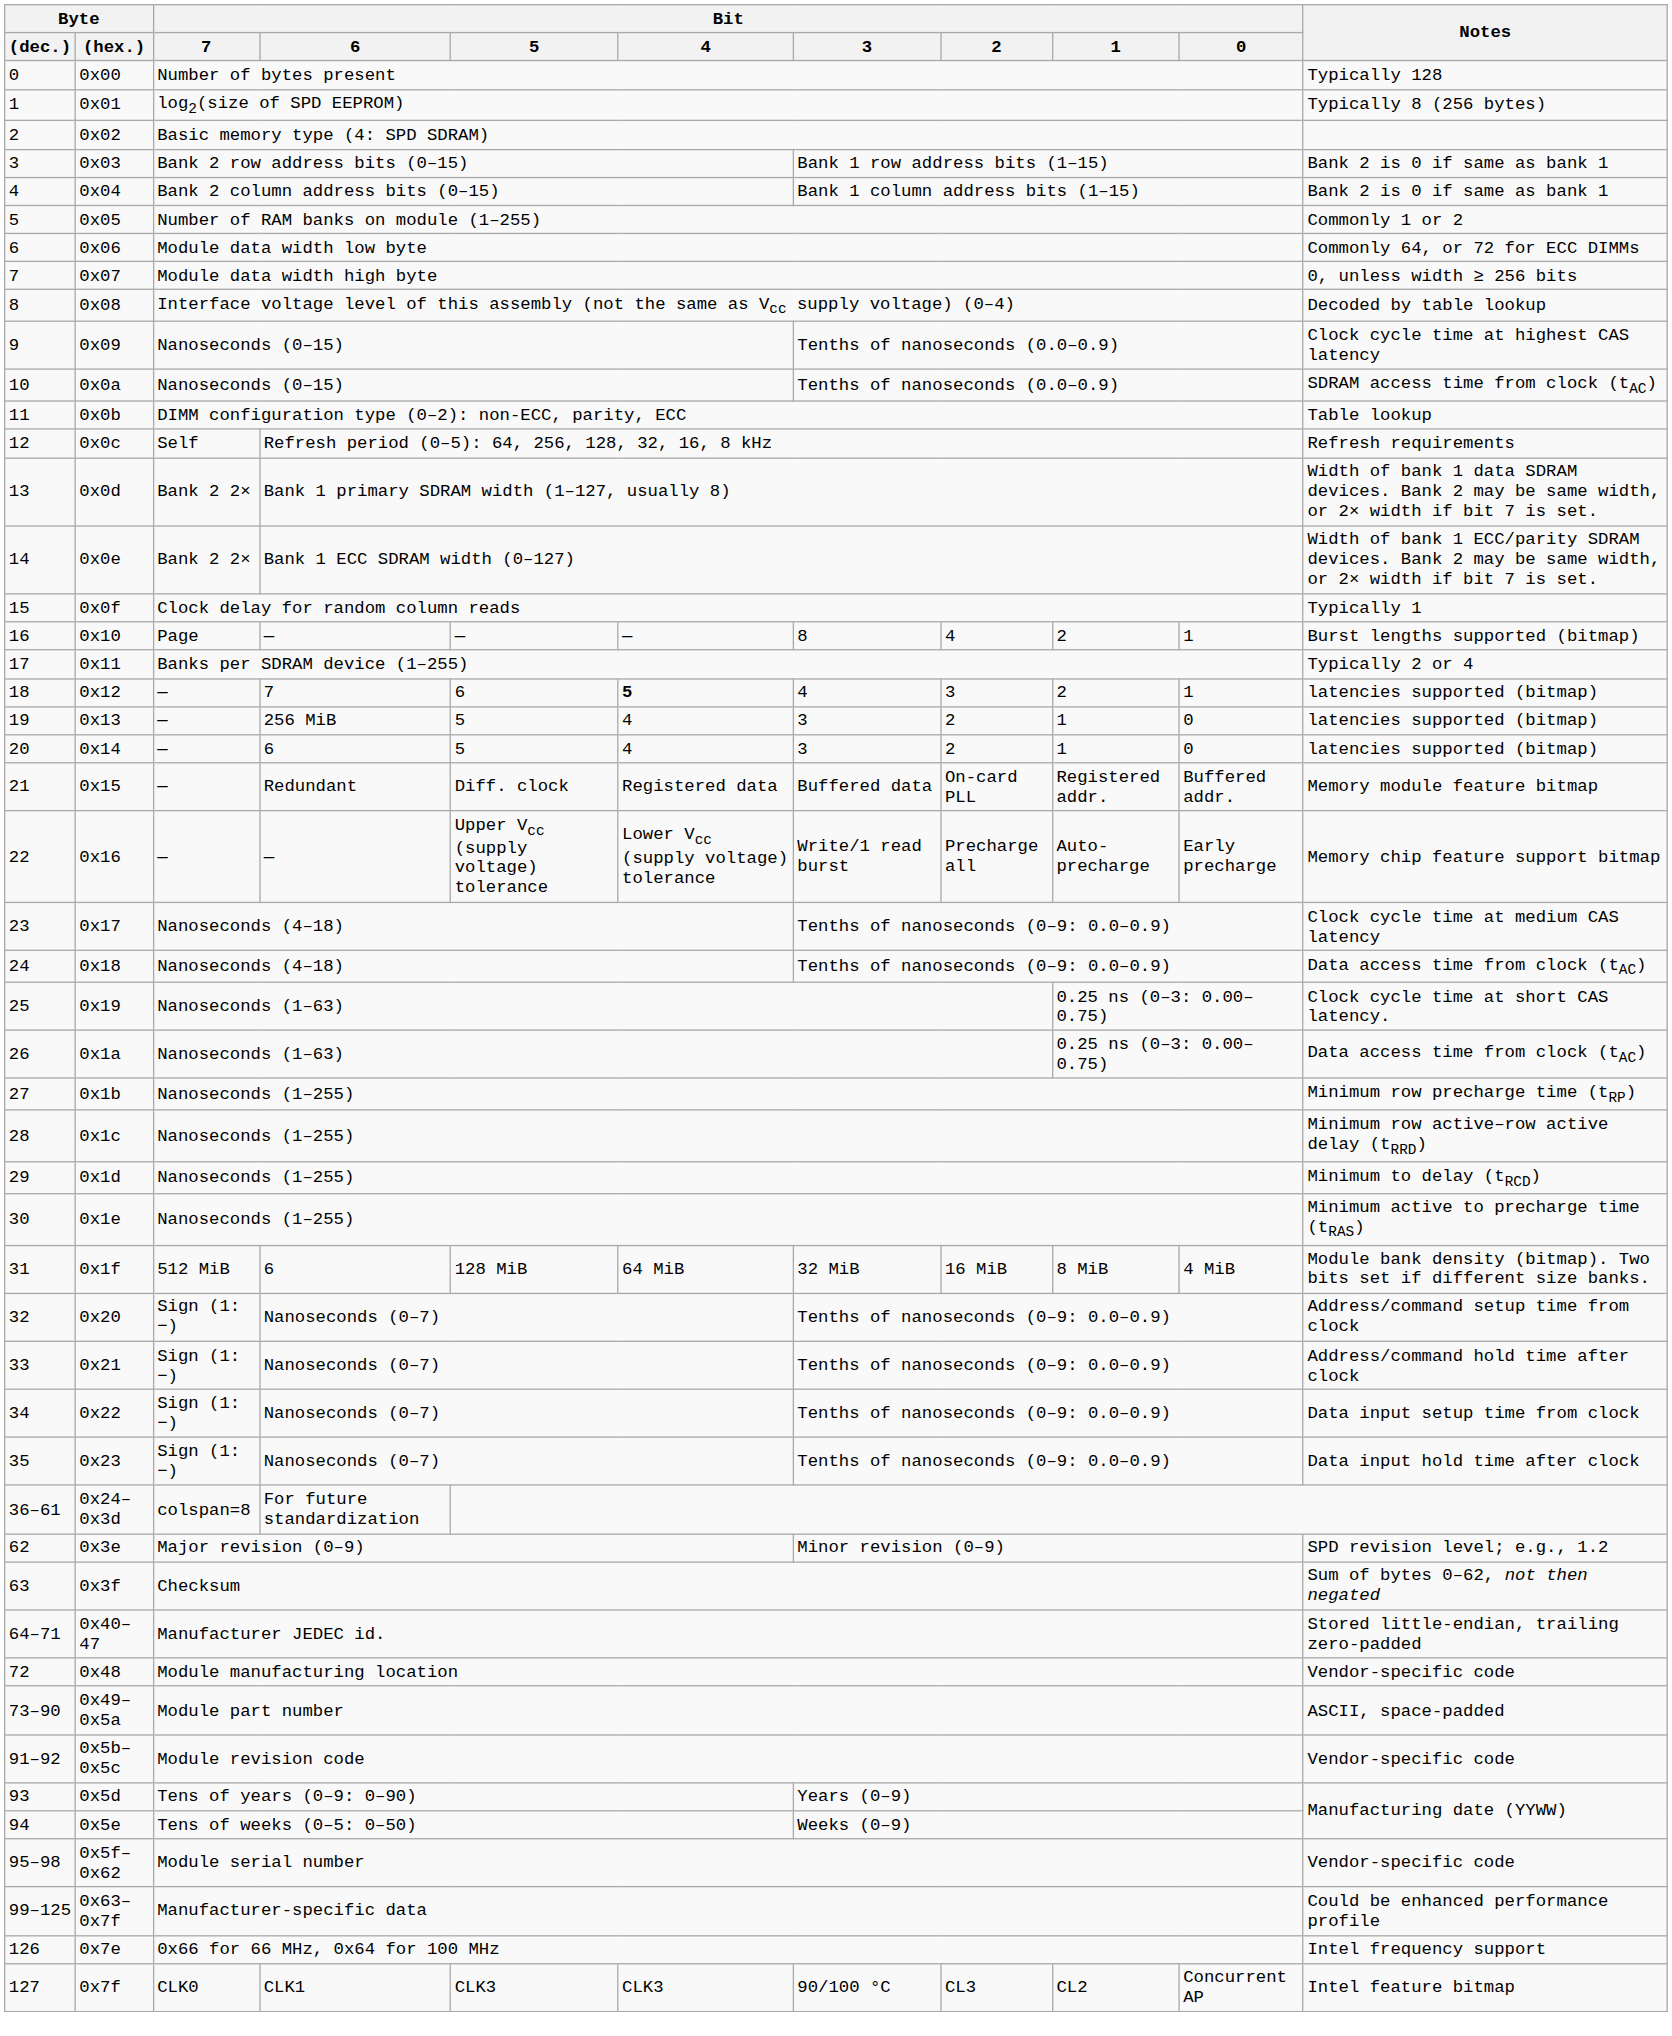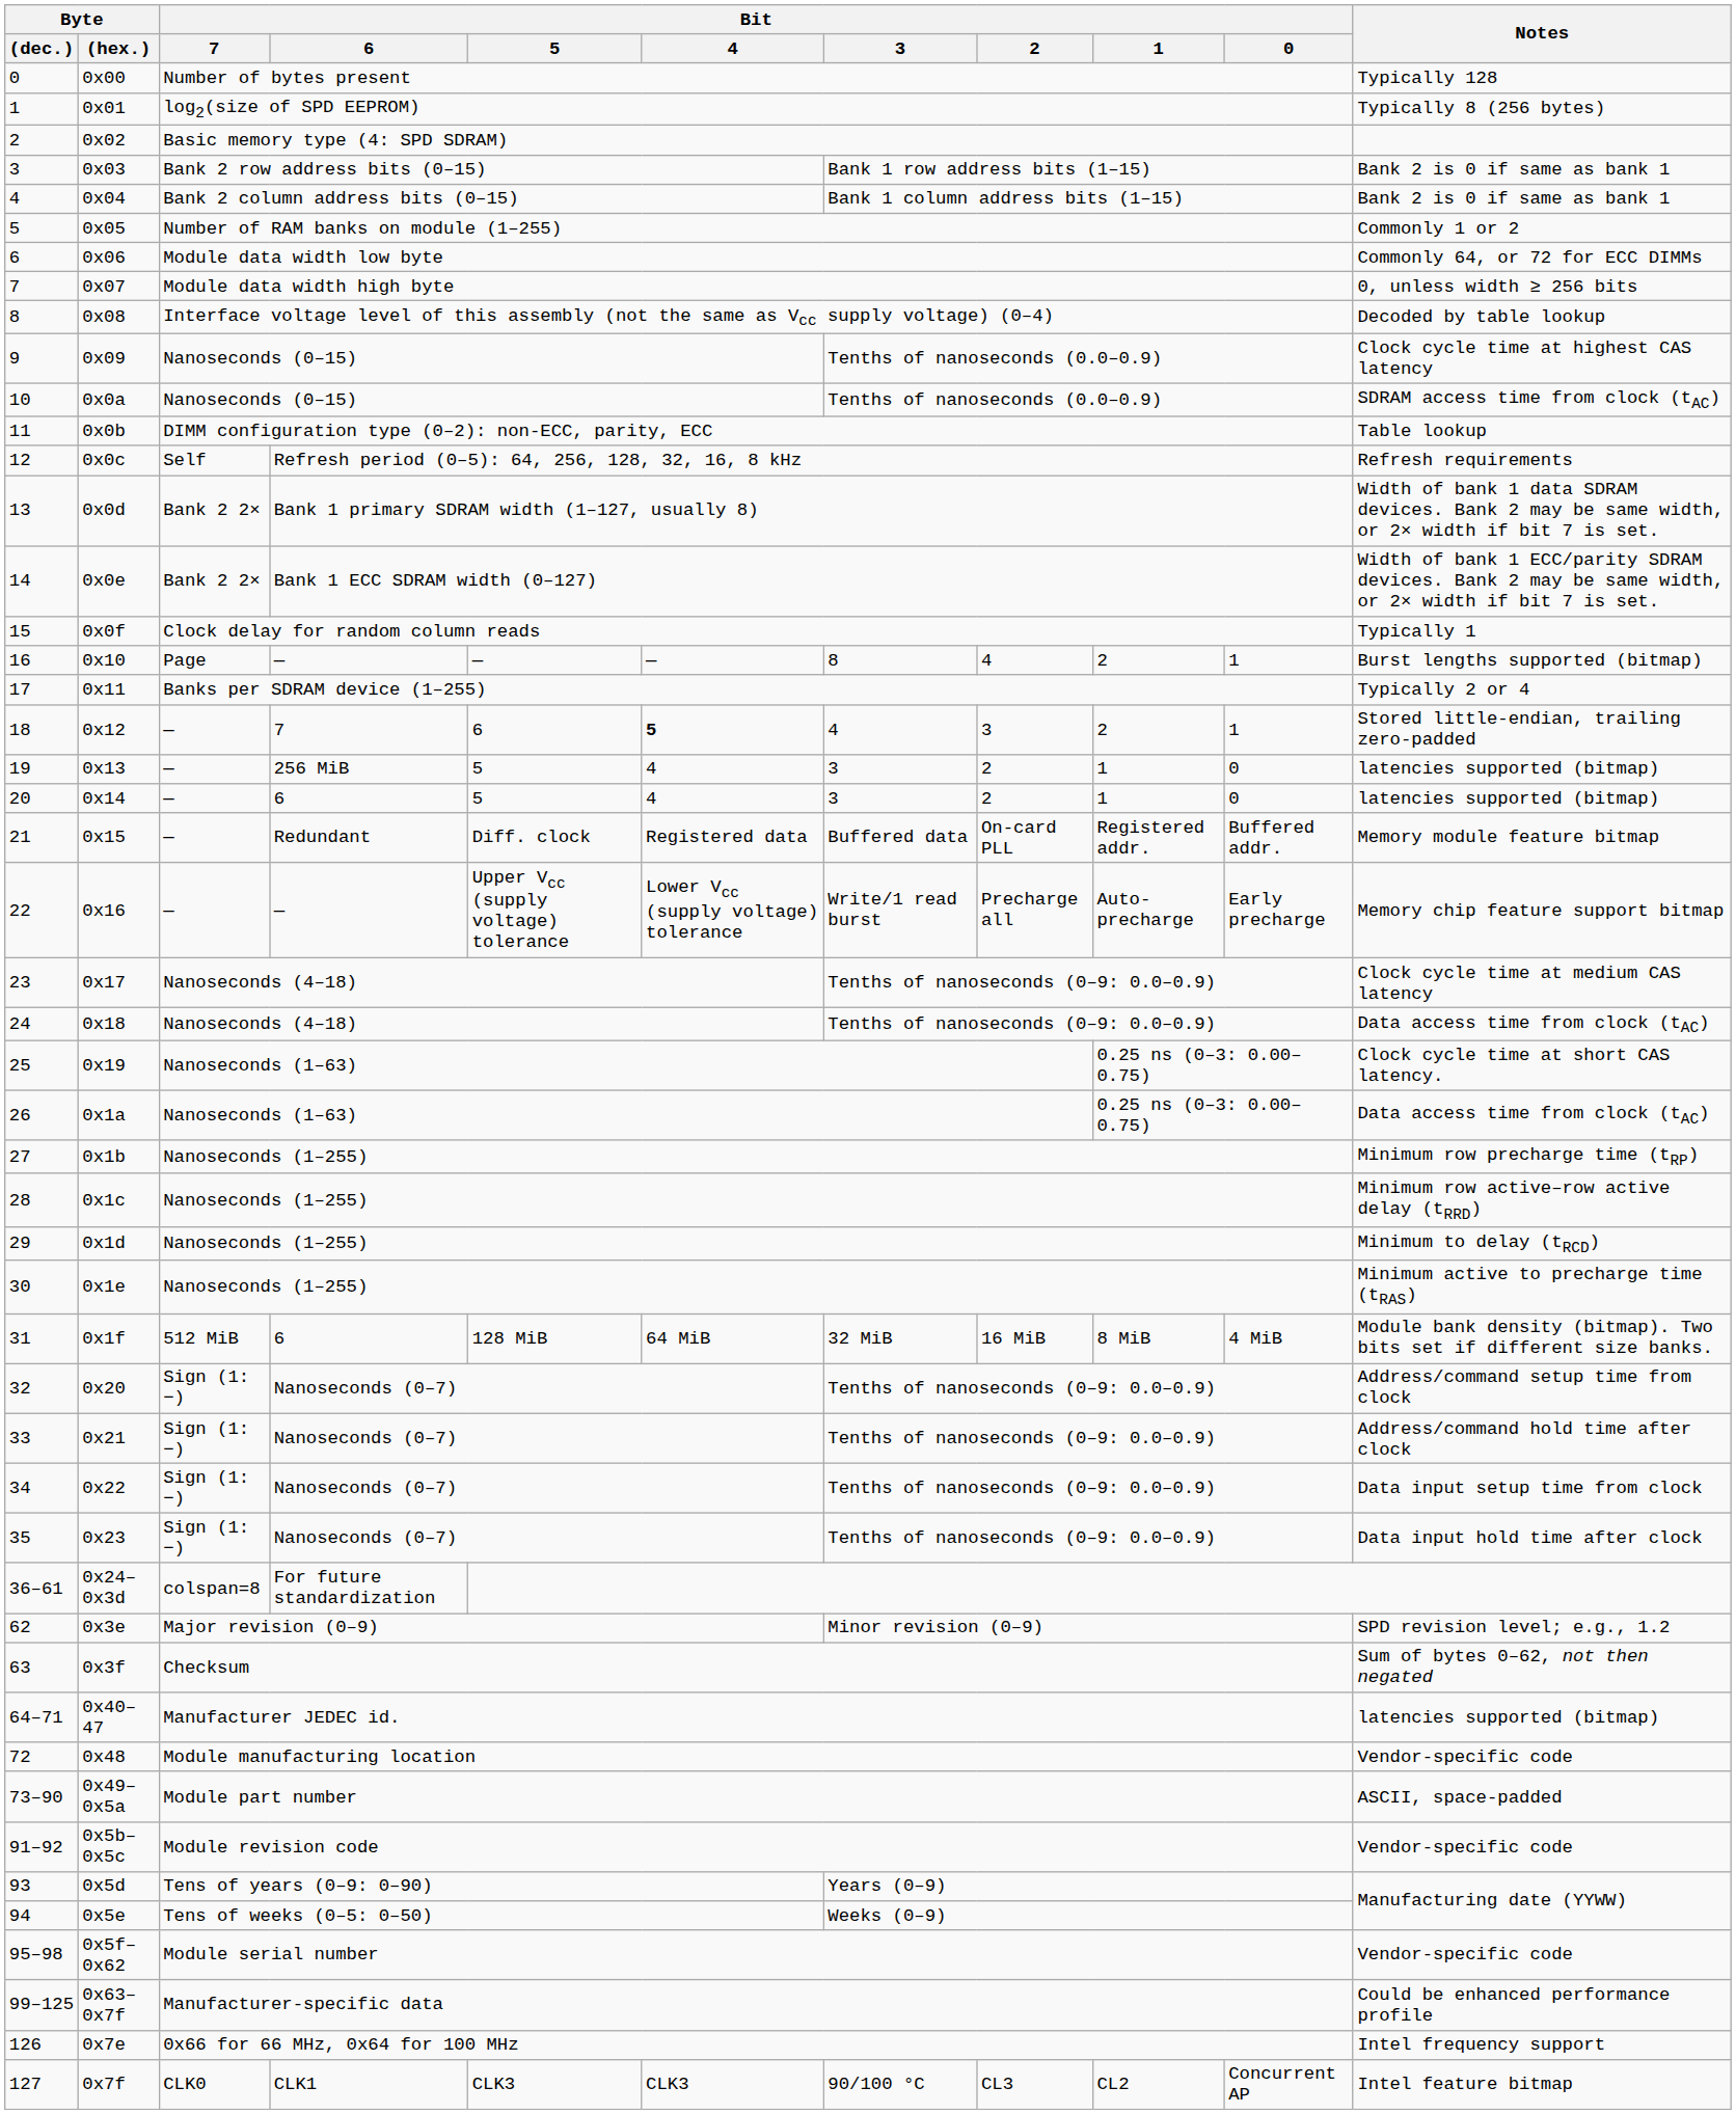 <table class=wikitable>
 <tr>
 <th colspan=2>Byte</th>
 <th colspan=8>Bit</th>
 <th rowspan=2>Notes</th>
 </tr>
 <tr>
 <th>(dec.)</th>
 <th>(hex.)</th>
 <th>7</th>
 <th>6</th>
 <th>5</th>
 <th>4</th>
 <th>3</th>
 <th>2</th>
 <th>1</th>
 <th>0</th>
 </tr>
 <tr>
 <td>0</td>
 <td>0x00</td>
 <td colspan=8>Number of bytes present</td>
 <td>Typically 128</td>
 </tr>
 <tr>
 <td>1</td>
 <td>0x01</td>
 <td colspan=8>log<sub>2</sub>(size of SPD EEPROM)</td>
 <td>Typically 8 (256 bytes)</td>
 </tr>
 <tr>
 <td>2</td>
 <td>0x02</td>
 <td colspan=8>Basic memory type (4: SPD SDRAM)</td>
 <td></td>
 </tr>
 <tr>
 <td>3</td>
 <td>0x03</td>
 <td colspan=4>Bank 2 row address bits (0–15)</td>
 <td colspan=4>Bank 1 row address bits (1–15)</td>
 <td>Bank 2 is 0 if same as bank 1</td>
 </tr>
 <tr>
 <td>4</td>
 <td>0x04</td>
 <td colspan=4>Bank 2 column address bits (0–15)</td>
 <td colspan=4>Bank 1 column address bits (1–15)</td>
 <td>Bank 2 is 0 if same as bank 1</td>
 </tr>
 <tr>
 <td>5</td>
 <td>0x05</td>
 <td colspan=8>Number of RAM banks on module (1–255)</td>
 <td>Commonly 1 or 2</td>
 </tr>
 <tr>
 <td>6</td>
 <td>0x06</td>
 <td colspan=8>Module data width low byte</td>
 <td>Commonly 64, or 72 for ECC DIMMs</td>
 </tr>
 <tr>
 <td>7</td>
 <td>0x07</td>
 <td colspan=8>Module data width high byte</td>
 <td>0, unless width ≥ 256 bits</td>
 </tr>
 <tr>
 <td>8</td>
 <td>0x08</td>
 <td colspan=8>Interface voltage level of this assembly (not the same as V<sub>cc</sub> supply voltage) (0–4)</td>
 <td>Decoded by table lookup</td>
 </tr>
 <tr>
 <td>9</td>
 <td>0x09</td>
 <td colspan=4>Nanoseconds (0–15)</td>
 <td colspan=4>Tenths of nanoseconds (0.0–0.9)</td>
 <td>Clock cycle time at highest CAS latency</td>
 </tr>
 <tr>
 <td>10</td>
 <td>0x0a</td>
 <td colspan=4>Nanoseconds (0–15)</td>
 <td colspan=4>Tenths of nanoseconds (0.0–0.9)</td>
 <td>SDRAM access time from clock (t<sub>AC</sub>)</td>
 </tr>
 <tr>
 <td>11</td>
 <td>0x0b</td>
 <td colspan=8>DIMM configuration type (0–2): non-ECC, parity, ECC</td>
 <td>Table lookup</td>
 </tr>
 <tr>
 <td>12</td>
 <td>0x0c</td>
 <td>Self</td>
 <td colspan=7>Refresh period (0–5): 64, 256, 128, 32, 16, 8 kHz</td>
 <td>Refresh requirements</td>
 </tr>
 <tr>
 <td>13</td>
 <td>0x0d</td>
 <td>Bank 2 2×</td>
 <td colspan=7>Bank 1 primary SDRAM width (1–127, usually 8)</td>
 <td>Width of bank 1 data SDRAM devices.  Bank 2 may be same width, or 2× width if bit 7 is set.</td>
 </tr>
 <tr>
 <td>14</td>
 <td>0x0e</td>
 <td>Bank 2 2×</td>
 <td colspan=7>Bank 1 ECC SDRAM width (0–127)</td>
 <td>Width of bank 1 ECC/parity SDRAM devices.  Bank 2 may be same width, or 2× width if bit 7 is set.</td>
 </tr>
 <tr>
 <td>15</td>
 <td>0x0f</td>
 <td colspan=8>Clock delay for random column reads</td>
 <td>Typically 1</td>
 </tr>
 <tr>
 <td>16</td>
 <td>0x10</td>
 <td>Page</td>
 <td>—</td>
 <td>—</td>
 <td>—</td>
 <td>8</td>
 <td>4</td>
 <td>2</td>
 <td>1</td>
 <td>Burst lengths supported (bitmap)</td>
 </tr>
 <tr>
 <td>17</td>
 <td>0x11</td>
 <td colspan=8>Banks per SDRAM device (1–255)</td>
 <td>Typically 2 or 4</td>
 </tr>
 <tr>
 <td>18</td>
 <td>0x12</td>
 <td>—</td>
 <td>7</td>
 <td>6</td>
 <td><strong>5</strong></td>
 <td>4</td>
 <td>3</td>
 <td>2</td>
 <td>1</td>
-<td> latencies supported (bitmap)</td>
+<td>Stored little-endian, trailing zero-padded</td>
 </tr>
 <tr>
 <td>19</td>
 <td>0x13</td>
 <td>—</td>
 <td>256 MiB</td>
 <td>5</td>
 <td>4</td>
 <td>3</td>
 <td>2</td>
 <td>1</td>
 <td>0</td>
 <td> latencies supported (bitmap)</td>
 </tr>
 <tr>
 <td>20</td>
 <td>0x14</td>
 <td>—</td>
 <td>6</td>
 <td>5</td>
 <td>4</td>
 <td>3</td>
 <td>2</td>
 <td>1</td>
 <td>0</td>
 <td> latencies supported (bitmap)</td>
 </tr>
 <tr>
 <td>21</td>
 <td>0x15</td>
 <td>—</td>
 <td>Redundant</td>
 <td>Diff. clock</td>
 <td>Registered data</td>
 <td>Buffered data</td>
 <td>On-card PLL</td>
 <td>Registered addr.</td>
 <td>Buffered addr.</td>
 <td>Memory module feature bitmap</td>
 </tr>
 <tr>
 <td>22</td>
 <td>0x16</td>
 <td>—</td>
 <td>—</td>
 <td>Upper V<sub>cc</sub> (supply voltage) tolerance</td>
 <td>Lower V<sub>cc</sub> (supply voltage) tolerance</td>
 <td>Write/1 read burst</td>
 <td>Precharge all</td>
 <td>Auto-precharge</td>
 <td>Early  precharge</td>
 <td>Memory chip feature support bitmap</td>
 </tr>
 <tr>
 <td>23</td>
 <td>0x17</td>
 <td colspan=4>Nanoseconds (4–18)</td>
 <td colspan=4>Tenths of nanoseconds (0–9: 0.0–0.9)</td>
 <td>Clock cycle time at medium CAS latency</td>
 </tr>
 <tr>
 <td>24</td>
 <td>0x18</td>
 <td colspan=4>Nanoseconds (4–18)</td>
 <td colspan=4>Tenths of nanoseconds (0–9: 0.0–0.9)</td>
 <td>Data access time from clock (t<sub>AC</sub>)</td>
 </tr>
 <tr>
 <td>25</td>
 <td>0x19</td>
 <td colspan=6>Nanoseconds (1–63)</td>
 <td colspan=2>0.25 ns (0–3: 0.00–0.75)</td>
 <td>Clock cycle time at short CAS latency.</td>
 </tr>
 <tr>
 <td>26</td>
 <td>0x1a</td>
 <td colspan=6>Nanoseconds (1–63)</td>
 <td colspan=2>0.25 ns (0–3: 0.00–0.75)</td>
 <td>Data access time from clock (t<sub>AC</sub>)</td>
 </tr>
 <tr>
 <td>27</td>
 <td>0x1b</td>
 <td colspan=8>Nanoseconds (1–255)</td>
 <td>Minimum row precharge time (t<sub>RP</sub>)</td>
 </tr>
 <tr>
 <td>28</td>
 <td>0x1c</td>
 <td colspan=8>Nanoseconds (1–255)</td>
 <td>Minimum row active–row active delay (t<sub>RRD</sub>)</td>
 </tr>
 <tr>
 <td>29</td>
 <td>0x1d</td>
 <td colspan=8>Nanoseconds (1–255)</td>
 <td>Minimum  to  delay (t<sub>RCD</sub>)</td>
 </tr>
 <tr>
 <td>30</td>
 <td>0x1e</td>
 <td colspan=8>Nanoseconds (1–255)</td>
 <td>Minimum active to precharge time (t<sub>RAS</sub>)</td>
 </tr>
 <tr>
 <td>31</td>
 <td>0x1f</td>
 <td>512 MiB</td>
 <td>6</td>
 <td>128 MiB</td>
 <td>64 MiB</td>
 <td>32 MiB</td>
 <td>16 MiB</td>
 <td>8 MiB</td>
 <td>4 MiB</td>
 <td>Module bank density (bitmap).  Two bits set if different size banks.</td>
 </tr>
 <tr>
 <td>32</td>
 <td>0x20</td>
 <td>Sign (1: −)</td>
 <td colspan=3>Nanoseconds (0–7)</td>
 <td colspan=4>Tenths of nanoseconds (0–9: 0.0–0.9)</td>
 <td>Address/command setup time from clock</td>
 </tr>
 <tr>
 <td>33</td>
 <td>0x21</td>
 <td>Sign (1: −)</td>
 <td colspan=3>Nanoseconds (0–7)</td>
 <td colspan=4>Tenths of nanoseconds (0–9: 0.0–0.9)</td>
 <td>Address/command hold time after clock</td>
 </tr>
 <tr>
 <td>34</td>
 <td>0x22</td>
 <td>Sign (1: −)</td>
 <td colspan=3>Nanoseconds (0–7)</td>
 <td colspan=4>Tenths of nanoseconds (0–9: 0.0–0.9)</td>
 <td>Data input setup time from clock</td>
 </tr>
 <tr>
 <td>35</td>
 <td>0x23</td>
 <td>Sign (1: −)</td>
 <td colspan=3>Nanoseconds (0–7)</td>
 <td colspan=4>Tenths of nanoseconds (0–9: 0.0–0.9)</td>
 <td>Data input hold time after clock</td>
 </tr>
 <tr>
 <td>36–61</td>
 <td>0x24–0x3d</td>
 <td>colspan=8 </td>
 <td>For future standardization</td>
 </tr>
 <tr>
 <td>62</td>
 <td>0x3e</td>
 <td colspan=4>Major revision (0–9)</td>
 <td colspan=4>Minor revision (0–9)</td>
 <td>SPD revision level; e.g., 1.2</td>
 </tr>
 <tr>
 <td>63</td>
 <td>0x3f</td>
 <td colspan=8>Checksum</td>
 <td>Sum of bytes 0–62, <em>not then negated</em></td>
 </tr>
 <tr>
 <td>64–71</td>
 <td>0x40–47</td>
 <td colspan=8>Manufacturer JEDEC id.</td>
-<td>Stored little-endian, trailing zero-padded</td>
+<td> latencies supported (bitmap)</td>
 </tr>
 <tr>
 <td>72</td>
 <td>0x48</td>
 <td colspan=8>Module manufacturing location</td>
 <td>Vendor-specific code</td>
 </tr>
 <tr>
 <td>73–90</td>
 <td>0x49–0x5a</td>
 <td colspan=8>Module part number</td>
 <td>ASCII, space-padded</td>
 </tr>
 <tr>
 <td>91–92</td>
 <td>0x5b–0x5c</td>
 <td colspan=8>Module revision code</td>
 <td>Vendor-specific code</td>
 </tr>
 <tr>
 <td>93</td>
 <td>0x5d</td>
 <td colspan=4>Tens of years (0–9: 0–90)</td>
 <td colspan=4>Years (0–9)</td>
 <td rowspan=2>Manufacturing date (YYWW)</td>
 </tr>
 <tr>
 <td>94</td>
 <td>0x5e</td>
 <td colspan=4>Tens of weeks (0–5: 0–50)</td>
 <td colspan=4>Weeks (0–9)</td>
 </tr>
 <tr>
 <td>95–98</td>
 <td>0x5f–0x62</td>
 <td colspan=8>Module serial number</td>
 <td>Vendor-specific code</td>
 </tr>
 <tr>
 <td>99–125</td>
 <td>0x63–0x7f</td>
 <td colspan=8>Manufacturer-specific data</td>
 <td>Could be enhanced performance profile</td>
 </tr>
 <tr>
 <td>126</td>
 <td>0x7e</td>
 <td colspan=8>0x66 for 66 MHz, 0x64 for 100 MHz</td>
 <td>Intel frequency support</td>
 </tr>
 <tr>
 <td>127</td>
 <td>0x7f</td>
 <td>CLK0</td>
 <td>CLK1</td>
 <td>CLK3</td>
 <td>CLK3</td>
 <td>90/100 °C</td>
 <td>CL3</td>
 <td>CL2</td>
 <td>Concurrent AP</td>
 <td>Intel feature bitmap</td>
 </tr>
 </table>
